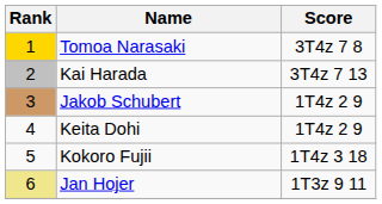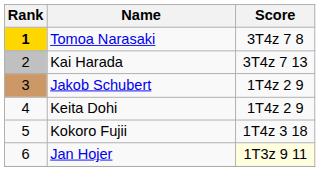 <table class="wikitable">
 <tr>
 <th>Rank</th>
 <th width = "200">Name</th>
 <th width = "80">Score</th>
 </tr>
 <tr>
-<td align="center" style="background: gold">1</td>
+<td align="center" style="background: gold"><strong>1</strong></td>
 <td> <a href='#'>Tomoa Narasaki</a></td>
 <td align="center">3T4z 7 8</td>
 </tr>
 <tr>
 <td align="center" style="background: silver">2</td>
 <td> Kai Harada</td>
 <td align="center">3T4z 7 13</td>
 </tr>
 <tr>
 <td align="center" style="background: #cc9966">3</td>
 <td> <a href='#'>Jakob Schubert</a></td>
 <td align="center">1T4z 2 9</td>
 </tr>
 <tr>
 <td align="center">4</td>
 <td> Keita Dohi</td>
 <td align="center">1T4z 2 9</td>
 </tr>
 <tr>
 <td align="center">5</td>
 <td> Kokoro Fujii</td>
 <td align="center">1T4z 3 18</td>
 </tr>
 <tr>
-<td align="center" style="background: khaki;">6</td>
+<td align="center">6</td>
 <td> <a href='#'>Jan Hojer</a></td>
-<td align="center">1T3z 9 11</td>
+<td align="center" style="background: lightyellow;">1T3z 9 11</td>
 </tr>
 <tr>
 </tr>
 </table>
